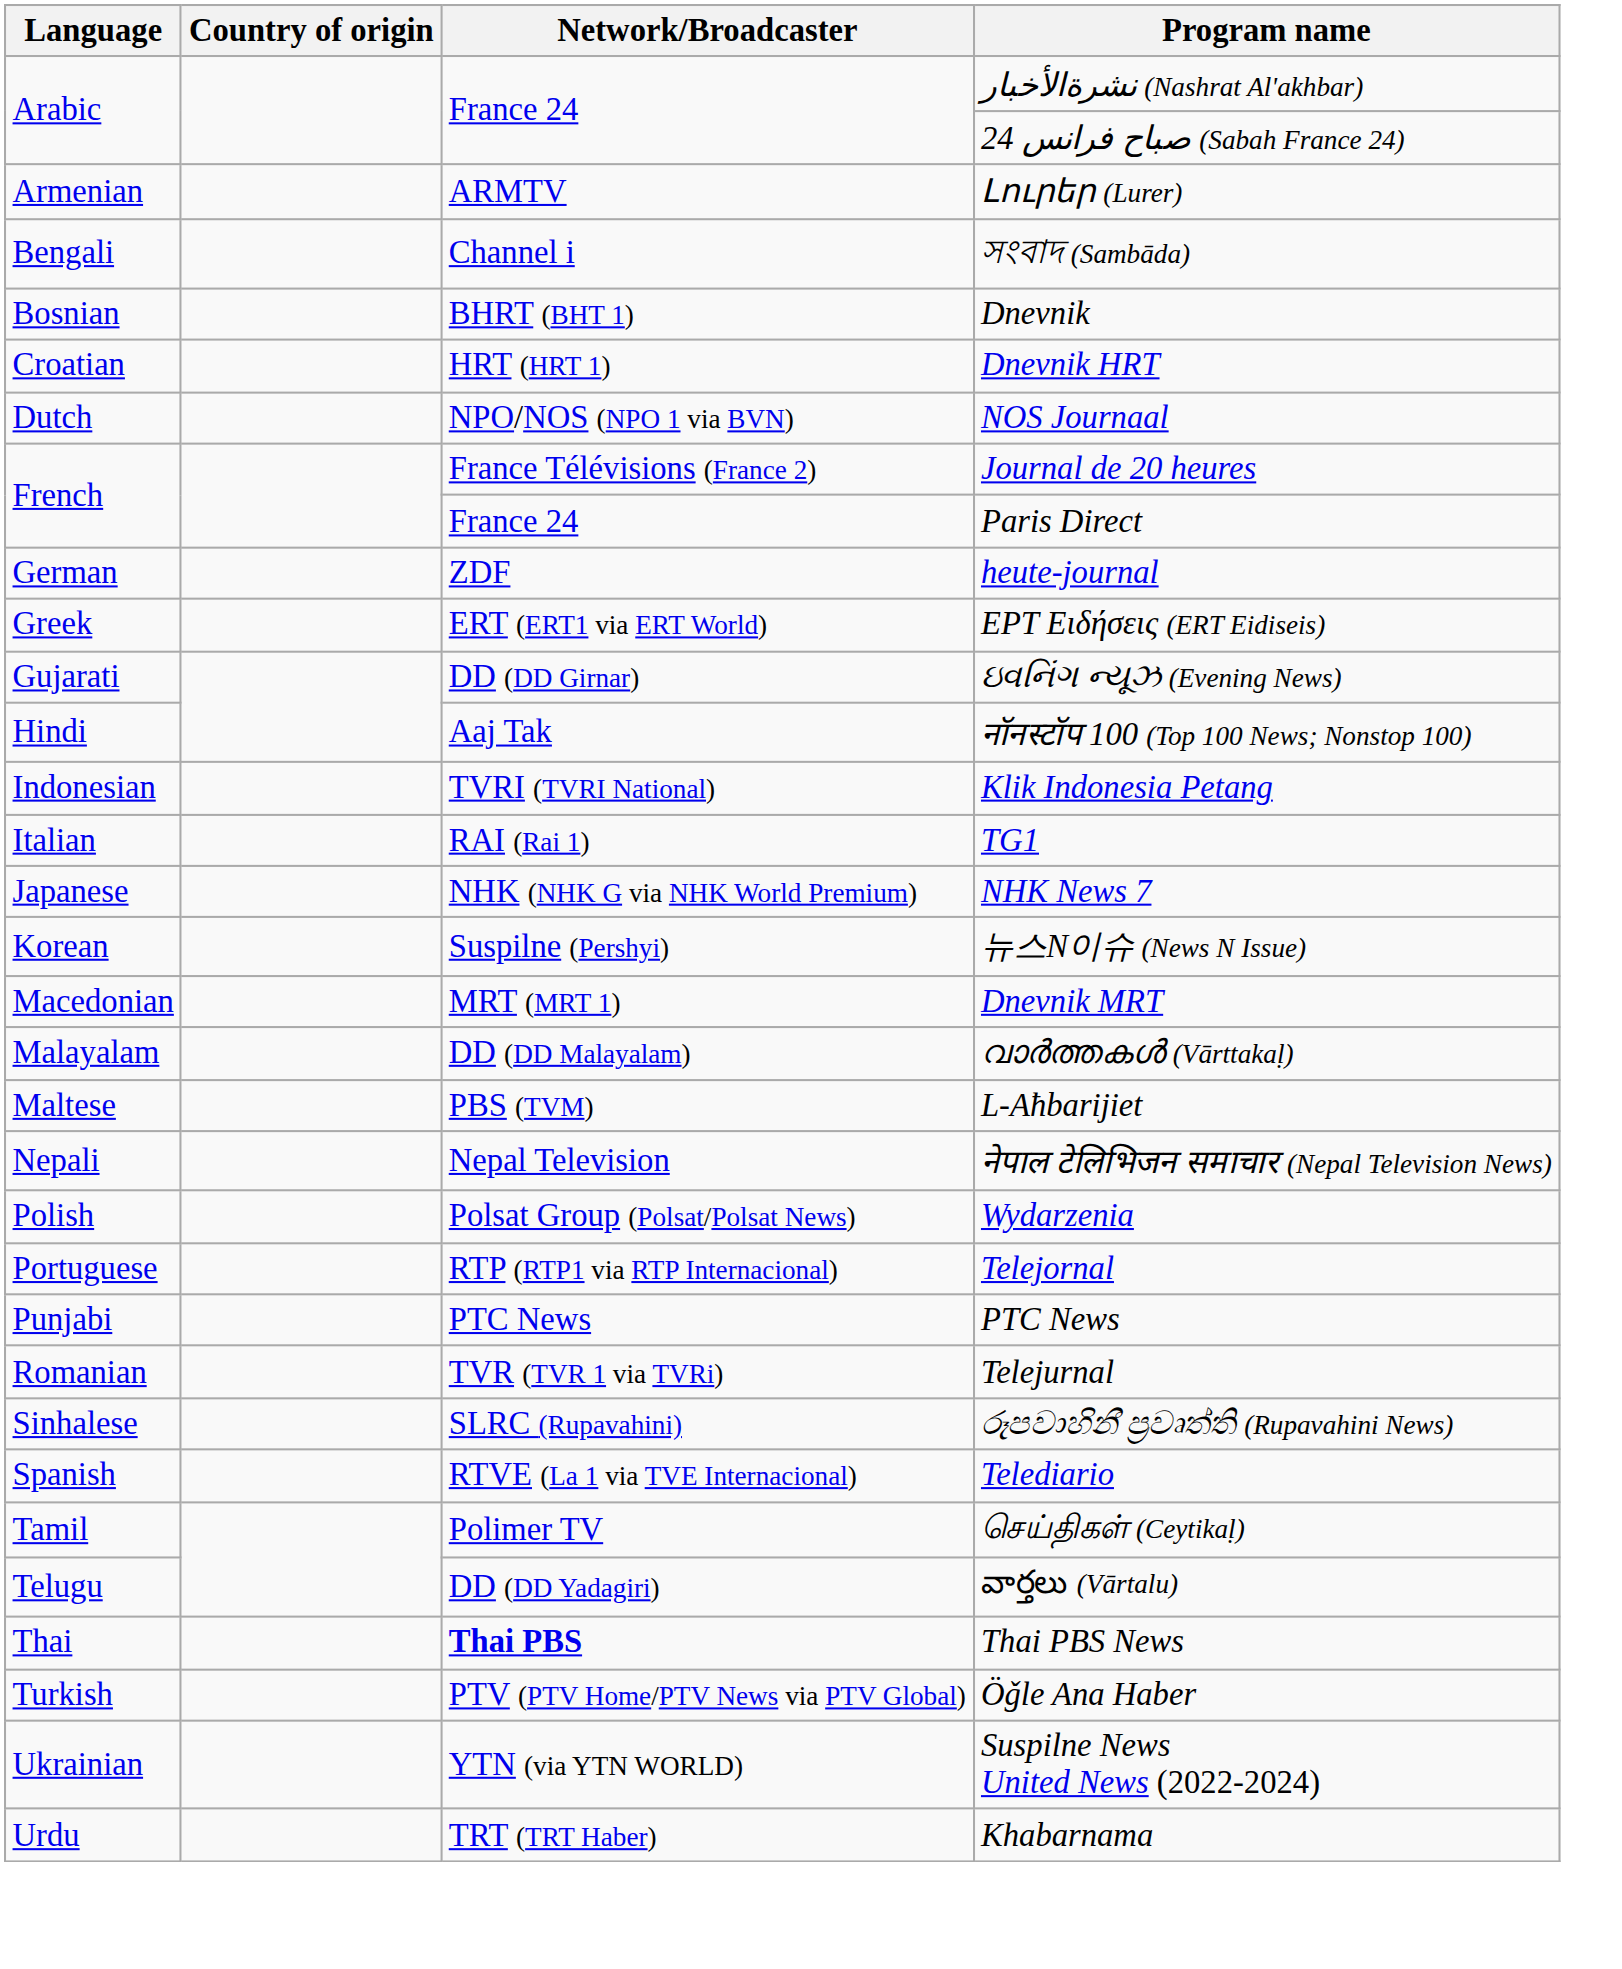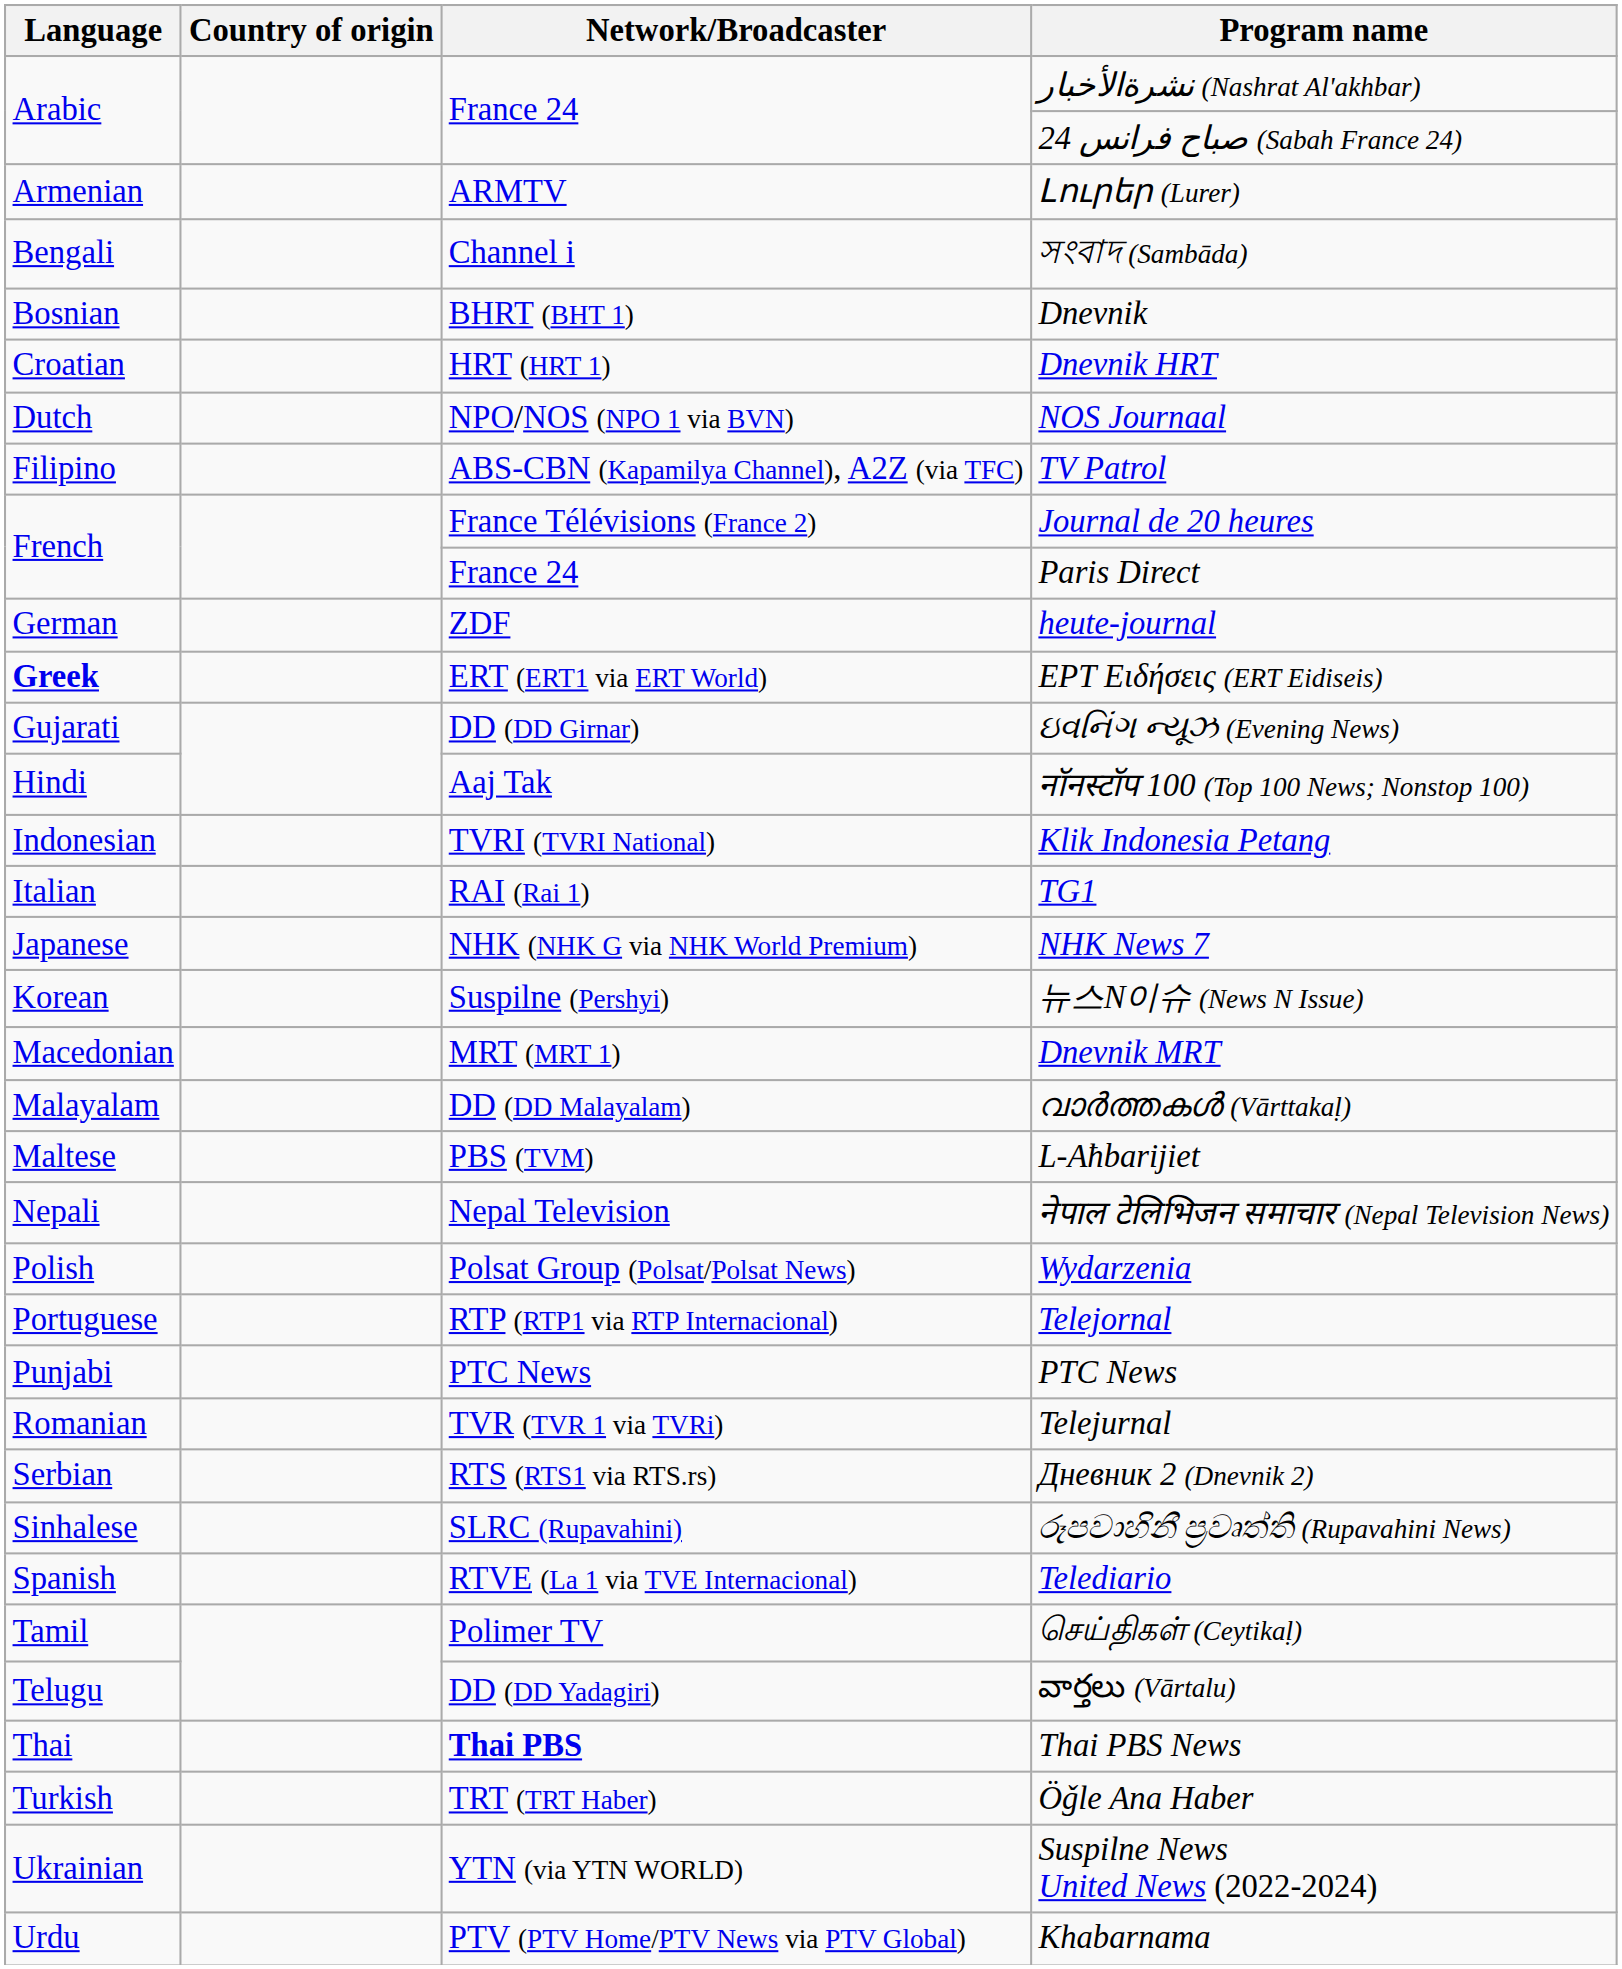 <table class="wikitable">
 <tr>
 <th>Language</th>
 <th>Country of origin</th>
 <th>Network/Broadcaster</th>
 <th>Program name</th>
 </tr>
 <tr>
 <td rowspan="2"><a href='#'>Arabic</a></td>
 <td rowspan="2"></td>
 <td rowspan="2"><a href='#'>France 24</a></td>
 <td><em>نشرةالأخبار <small>(Nashrat Al'akhbar)</small></em></td>
 </tr>
 <tr>
 <td><em>صباح فرانس 24 <small>(Sabah France 24)</small></em></td>
 </tr>
 <tr>
 <td><a href='#'>Armenian</a></td>
 <td></td>
 <td><a href='#'>ARMTV</a></td>
 <td><em>Լուրեր <small>(Lurer)</small></em></td>
 </tr>
 <tr>
 <td><a href='#'>Bengali</a></td>
 <td></td>
 <td><a href='#'>Channel i</a></td>
 <td><em>সংবাদ <small>(Sambāda)</small></em></td>
 </tr>
 <tr>
 <td><a href='#'>Bosnian</a></td>
 <td></td>
 <td><a href='#'>BHRT</a> <small>(<a href='#'>BHT 1</a>)</small></td>
 <td><em>Dnevnik</em></td>
 </tr>
 <tr>
 <td><a href='#'>Croatian</a></td>
 <td></td>
 <td><a href='#'>HRT</a> <small>(<a href='#'>HRT 1</a>)</small></td>
 <td><em><a href='#'>Dnevnik HRT</a></em></td>
 </tr>
 <tr>
 <td><a href='#'>Dutch</a></td>
 <td></td>
 <td><a href='#'>NPO</a>/<a href='#'>NOS</a> <small>(<a href='#'>NPO 1</a> via <a href='#'>BVN</a>)</small></td>
 <td><em><a href='#'>NOS Journaal</a></em></td>
 </tr>
 <tr>
+<td><a href='#'>Filipino</a></td>
+<td></td>
+<td><a href='#'>ABS-CBN</a> <small>(<a href='#'>Kapamilya Channel</a>)</small>, <a href='#'>A2Z</a> <small>(via <a href='#'>TFC</a>)</small></td>
+<td><em><a href='#'>TV Patrol</a></em></td>
+</tr>
+<tr>
 <td rowspan="2"><a href='#'>French</a></td>
 <td rowspan="2"></td>
 <td><a href='#'>France Télévisions</a> <small>(<a href='#'>France 2</a>)</small></td>
 <td><em><a href='#'>Journal de 20 heures</a></em></td>
 </tr>
 <tr>
 <td><a href='#'>France 24</a></td>
 <td><em>Paris Direct</em></td>
 </tr>
 <tr>
 <td><a href='#'>German</a></td>
 <td></td>
 <td><a href='#'>ZDF</a></td>
 <td><em><a href='#'>heute-journal</a></em></td>
 </tr>
 <tr>
-<td><a href='#'>Greek</a></td>
+<td><strong><a href='#'>Greek</a></strong></td>
 <td></td>
 <td><a href='#'>ERT</a> <small>(<a href='#'>ERT1</a> via <a href='#'>ERT World</a>)</small></td>
 <td><em>ΕΡΤ Ειδήσεις <small>(ERT Eidiseis)</small></em></td>
 </tr>
 <tr>
 <td><a href='#'>Gujarati</a></td>
 <td rowspan="2"></td>
 <td><a href='#'>DD</a> <small>(<a href='#'>DD Girnar</a>)</small></td>
 <td><em>ઇવનિંગ ન્યૂઝ <small>(Evening News)</small></em></td>
 </tr>
 <tr>
 <td><a href='#'>Hindi</a></td>
 <td><a href='#'>Aaj Tak</a></td>
 <td><em>नॉनस्टॉप 100 <small>(Top 100 News;  Nonstop 100)</small></em></td>
 </tr>
 <tr>
 <td><a href='#'>Indonesian</a></td>
 <td></td>
 <td><a href='#'>TVRI</a> <small>(<a href='#'>TVRI National</a>)</small></td>
 <td><em><a href='#'>Klik Indonesia Petang</a></em></td>
 </tr>
 <tr>
 <td><a href='#'>Italian</a></td>
 <td></td>
 <td><a href='#'>RAI</a> <small>(<a href='#'>Rai 1</a>)</small></td>
 <td><em><a href='#'>TG1</a></em></td>
 </tr>
 <tr>
 <td><a href='#'>Japanese</a></td>
 <td></td>
 <td><a href='#'>NHK</a> <small>(<a href='#'>NHK G</a> via <a href='#'>NHK World Premium</a>)</small></td>
 <td><em><a href='#'>NHK News 7</a></em></td>
 </tr>
 <tr>
 <td><a href='#'>Korean</a></td>
 <td></td>
 <td><a href='#'>Suspilne</a> <small>(<a href='#'>Pershyi</a>)</small></td>
 <td><em>뉴스N이슈 <small>(News N Issue)</small></em></td>
 </tr>
 <tr>
 <td><a href='#'>Macedonian</a></td>
 <td></td>
 <td><a href='#'>MRT</a> <small>(<a href='#'>MRT 1</a>)</small></td>
 <td><em><a href='#'>Dnevnik MRT</a></em></td>
 </tr>
 <tr>
 <td><a href='#'>Malayalam</a></td>
 <td></td>
 <td><a href='#'>DD</a> <small>(<a href='#'>DD Malayalam</a>)</small></td>
 <td><em>വാർത്തകൾ <small>(Vārttakaḷ)</small></em></td>
 </tr>
 <tr>
 <td><a href='#'>Maltese</a></td>
 <td></td>
 <td><a href='#'>PBS</a> <small>(<a href='#'>TVM</a>)</small></td>
 <td><em>L-Aħbarijiet</em></td>
 </tr>
 <tr>
 <td><a href='#'>Nepali</a></td>
 <td></td>
 <td><a href='#'>Nepal Television</a></td>
 <td><em>नेपाल टेलिभिजन समाचार <small>(Nepal Television News)</small></em></td>
 </tr>
 <tr>
 <td><a href='#'>Polish</a></td>
 <td></td>
 <td><a href='#'>Polsat Group</a> <small>(<a href='#'>Polsat</a>/<a href='#'>Polsat News</a>)</small></td>
 <td><em><a href='#'>Wydarzenia</a></em></td>
 </tr>
 <tr>
 <td><a href='#'>Portuguese</a></td>
 <td></td>
 <td><a href='#'>RTP</a> <small>(<a href='#'>RTP1</a> via <a href='#'>RTP Internacional</a>)</small></td>
 <td><em><a href='#'>Telejornal</a></em></td>
 </tr>
 <tr>
 <td><a href='#'>Punjabi</a></td>
 <td></td>
 <td><a href='#'>PTC News</a></td>
 <td><em>PTC News</em></td>
 </tr>
 <tr>
 <td><a href='#'>Romanian</a></td>
 <td></td>
 <td><a href='#'>TVR</a> <small>(<a href='#'>TVR 1</a> via <a href='#'>TVRi</a>)</small></td>
 <td><em>Telejurnal</em></td>
 </tr>
 <tr>
+<td><a href='#'>Serbian</a></td>
+<td></td>
+<td><a href='#'>RTS</a> <small>(<a href='#'>RTS1</a> via RTS.rs)</small></td>
+<td><em>Дневник 2 <small>(Dnevnik 2)</small></em></td>
+</tr>
+<tr>
 <td><a href='#'>Sinhalese</a></td>
 <td></td>
 <td><a href='#'>SLRC <small>(Rupavahini)</small></a></td>
 <td><em>රූපවාහිනී ප්‍රවෘත්ති <small>(Rupavahini News)</small></em></td>
 </tr>
 <tr>
 <td><a href='#'>Spanish</a></td>
 <td></td>
 <td><a href='#'>RTVE</a> <small>(<a href='#'>La 1</a> via <a href='#'>TVE Internacional</a>)</small></td>
 <td><em><a href='#'>Telediario</a></em></td>
 </tr>
 <tr>
 <td><a href='#'>Tamil</a></td>
 <td rowspan="2"></td>
 <td><a href='#'>Polimer TV</a></td>
 <td><em>செய்திகள் <small>(Ceytikaḷ)</small></em></td>
 </tr>
 <tr>
 <td><a href='#'>Telugu</a></td>
 <td><a href='#'>DD</a> <small>(<a href='#'>DD Yadagiri</a>)</small></td>
 <td>వార్తలు <small><em>(Vārtalu)</em></small></td>
 </tr>
 <tr>
 <td><a href='#'>Thai</a></td>
 <td></td>
 <td><strong><a href='#'>Thai PBS</a></strong></td>
 <td><em>Thai PBS News</em></td>
 </tr>
 <tr>
 <td><a href='#'>Turkish</a></td>
 <td></td>
-<td><a href='#'>PTV</a> <small>(<a href='#'>PTV Home</a>/<a href='#'>PTV News</a> via <a href='#'>PTV Global</a>)</small></td>
+<td><a href='#'>TRT</a> <small>(<a href='#'>TRT Haber</a>)</small></td>
 <td><em>Öǧle Ana Haber</em></td>
 </tr>
 <tr>
 <td><a href='#'>Ukrainian</a></td>
 <td></td>
 <td><a href='#'>YTN</a> <small>(via YTN WORLD)</small></td>
 <td><em>Suspilne News</em><br><em><a href='#'>United News</a></em> (2022-2024)</td>
 </tr>
 <tr>
 <td><a href='#'>Urdu</a></td>
 <td></td>
-<td><a href='#'>TRT</a> <small>(<a href='#'>TRT Haber</a>)</small></td>
+<td><a href='#'>PTV</a> <small>(<a href='#'>PTV Home</a>/<a href='#'>PTV News</a> via <a href='#'>PTV Global</a>)</small></td>
 <td><em>Khabarnama</em></td>
 </tr>
 </table>
